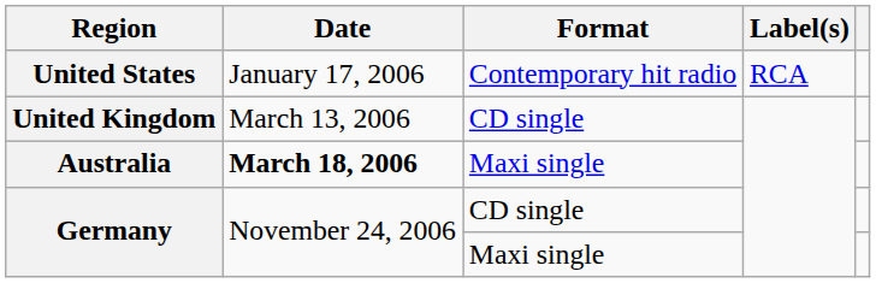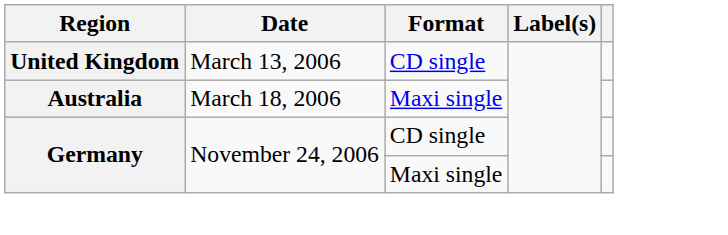 <table class="wikitable plainrowheaders">
 <tr>
 <th scope="col">Region</th>
 <th scope="col">Date</th>
 <th scope="col">Format</th>
 <th scope="col">Label(s)</th>
 <th scope="col"></th>
-</tr>
-<tr>
-<th scope="row">United States</th>
-<td>January 17, 2006</td>
-<td><a href='#'>Contemporary hit radio</a></td>
-<td><a href='#'>RCA</a></td>
-<td></td>
 </tr>
 <tr>
 <th scope="row">United Kingdom</th>
 <td>March 13, 2006</td>
 <td><a href='#'>CD single</a></td>
 <td rowspan="4"></td>
 <td></td>
 </tr>
 <tr>
 <th scope="row">Australia</th>
-<td><strong>March 18, 2006</strong></td>
+<td>March 18, 2006</td>
 <td><a href='#'>Maxi single</a></td>
 <td></td>
 </tr>
 <tr>
 <th scope="row" rowspan="2">Germany</th>
 <td rowspan="2">November 24, 2006</td>
 <td>CD single</td>
 <td></td>
 </tr>
 <tr>
 <td>Maxi single</td>
 <td></td>
 </tr>
 </table>
